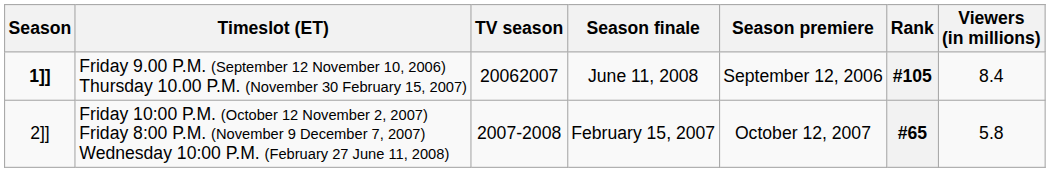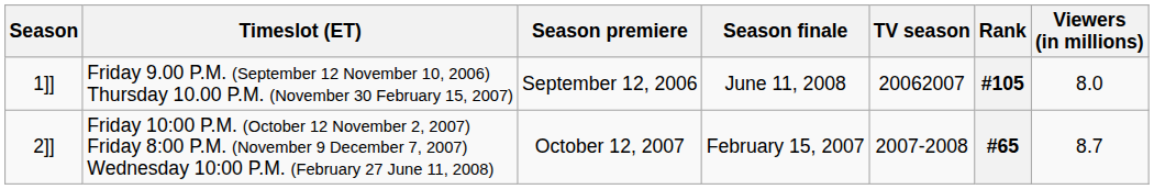 <table class="wikitable plainrowheaders" style="text-align:center;background:#F9F9F9">
 <tr style="background-color:#E0E0E0">
 <th>Season</th>
 <th>Timeslot (ET)</th>
+<th>Season premiere</th>
+<th>Season finale</th>
 <th>TV season</th>
-<th>Season finale</th>
-<th>Season premiere</th>
 <th>Rank</th>
 <th>Viewers<br>(in millions)</th>
 </tr>
 <tr>
-<td [[List of Men in Trees episodes#Season 1: 2006><strong>1]]</strong></td>
+<td [[List of Men in Trees episodes#Season 1: 2006>1]]</td>
 <td align=left>Friday 9.00 P.M. <small>(September 12  November 10, 2006)</small><br>Thursday 10.00 P.M. <small>(November 30  February 15, 2007)</small></td>
+<td>September 12, 2006</td>
+<td>June 11, 2008</td>
 <td>20062007</td>
-<td>June 11, 2008</td>
-<td>September 12, 2006</td>
 <th>#105</th>
-<td>8.4</td>
+<td>8.0</td>
 </tr>
 <tr>
 <td [[List of Men in Trees episodes#Season 2: 2007>2]]</td>
 <td style="background:#F9F9F9;text-align:left">Friday 10:00 P.M. <small>(October 12  November 2, 2007)</small><br>Friday 8:00 P.M. <small>(November 9  December 7, 2007)</small><br>Wednesday 10:00 P.M. <small>(February 27  June 11, 2008) </small></td>
+<td>October 12, 2007</td>
+<td>February 15, 2007</td>
 <td>2007-2008</td>
-<td>February 15, 2007</td>
-<td>October 12, 2007</td>
 <th>#65</th>
-<td>5.8</td>
+<td>8.7</td>
 </tr>
 </table>
